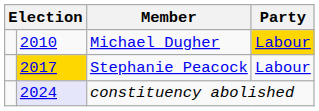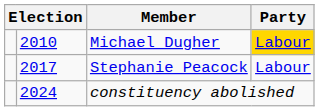 <table class="wikitable">
 <tr>
 <th colspan="2">Election</th>
 <th>Member</th>
 <th>Party</th>
 </tr>
 <tr>
 <td style="color:inherit;background-color: "></td>
 <td><a href='#'>2010</a></td>
 <td><a href='#'>Michael Dugher</a></td>
 <td style="background: gold;"><a href='#'>Labour</a></td>
 </tr>
 <tr>
 <td style="color:inherit;background-color: "></td>
-<td style="background: gold;"><a href='#'>2017</a></td>
+<td><a href='#'>2017</a></td>
 <td><a href='#'>Stephanie Peacock</a></td>
 <td><a href='#'>Labour</a></td>
 </tr>
 <tr>
 <td></td>
-<td style="background: lavender;"><a href='#'>2024</a></td>
+<td><a href='#'>2024</a></td>
 <td colspan="2"><em>constituency abolished</em></td>
 </tr>
 </table>
